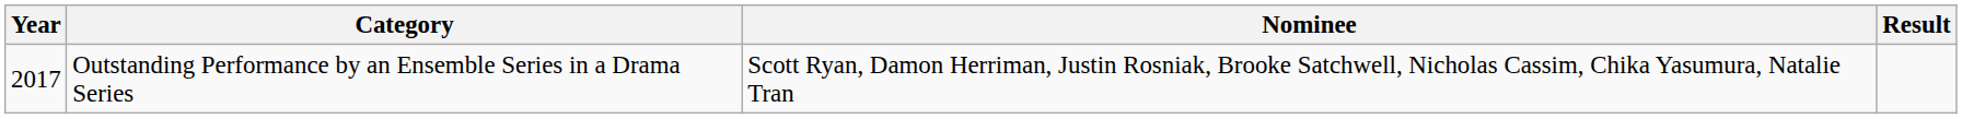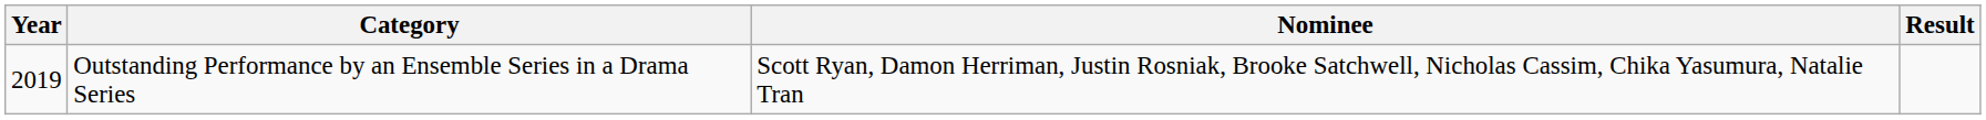 <table class="wikitable">
 <tr>
 <th>Year</th>
 <th>Category</th>
 <th>Nominee</th>
 <th>Result</th>
 </tr>
 <tr>
-<td>2017</td>
+<td>2019</td>
 <td>Outstanding Performance by an Ensemble Series in a Drama Series</td>
 <td>Scott Ryan, Damon Herriman, Justin Rosniak, Brooke Satchwell, Nicholas Cassim, Chika Yasumura, Natalie Tran</td>
 <td></td>
 </tr>
 </table>
